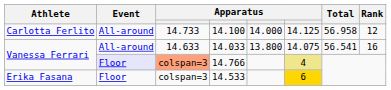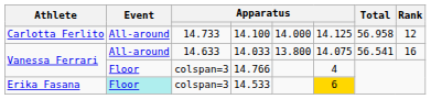 <table class="wikitable" style="font-size:90%">
 <tr>
 <th rowspan=2>Athlete</th>
 <th rowspan=2>Event</th>
 <th colspan=4>Apparatus</th>
 <th rowspan=2>Total</th>
 <th rowspan=2>Rank</th>
 </tr>
 <tr style="font-size:95%">
 <th></th>
 <th></th>
 <th></th>
 <th></th>
 </tr>
 <tr align=center>
 <td align=left><a href='#'>Carlotta Ferlito</a></td>
 <td align=left><a href='#'>All-around</a></td>
 <td>14.733</td>
 <td>14.100</td>
 <td>14.000</td>
 <td>14.125</td>
 <td>56.958</td>
 <td>12</td>
 </tr>
 <tr align=center>
 <td align=left rowspan=2><a href='#'>Vanessa Ferrari</a></td>
 <td align=left><a href='#'>All-around</a></td>
 <td>14.633</td>
 <td>14.033</td>
 <td>13.800</td>
 <td>14.075</td>
 <td>56.541</td>
 <td>16</td>
 </tr>
 <tr align=center>
-<td align=left style="background: lavender;"><a href='#'>Floor</a></td>
-<td style="background: lightsalmon;">colspan=3 </td>
+<td align=left><a href='#'>Floor</a></td>
+<td>colspan=3 </td>
 <td>14.766</td>
 <td></td>
-<td style="background: khaki;">4</td>
+<td>4</td>
 </tr>
 <tr align=center>
 <td align=left><a href='#'>Erika Fasana</a></td>
-<td align=left><a href='#'>Floor</a></td>
+<td align=left style="background: paleturquoise;"><a href='#'>Floor</a></td>
 <td>colspan=3 </td>
 <td>14.533</td>
 <td></td>
 <td style="background: gold;">6</td>
 </tr>
 </table>
